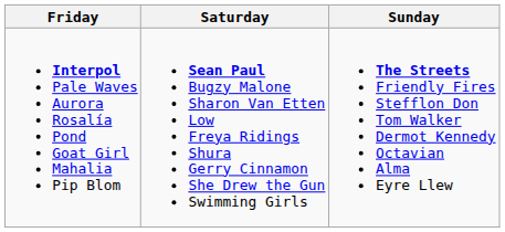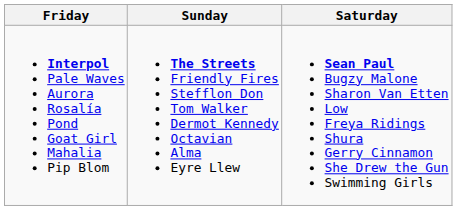 <table class="wikitable">
 <tr>
 <th>Friday</th>
+<th>Sunday</th>
 <th>Saturday</th>
-<th>Sunday</th>
 </tr>
 <tr valign="top">
 <td><br><ul><li><strong><a href='#'>Interpol</a></strong></li><li><a href='#'>Pale Waves</a></li><li><a href='#'>Aurora</a></li><li><a href='#'>Rosalía</a></li><li><a href='#'>Pond</a></li><li><a href='#'>Goat Girl</a></li><li><a href='#'>Mahalia</a></li><li>Pip Blom</li></ul></td>
+<td><br><ul><li><strong><a href='#'>The Streets</a></strong></li><li><a href='#'>Friendly Fires</a></li><li><a href='#'>Stefflon Don</a></li><li><a href='#'>Tom Walker</a></li><li><a href='#'>Dermot Kennedy</a></li><li><a href='#'>Octavian</a></li><li><a href='#'>Alma</a></li><li>Eyre Llew</li></ul></td>
 <td><br><ul><li><strong><a href='#'>Sean Paul</a></strong></li><li><a href='#'>Bugzy Malone</a></li><li><a href='#'>Sharon Van Etten</a></li><li><a href='#'>Low</a></li><li><a href='#'>Freya Ridings</a></li><li><a href='#'>Shura</a></li><li><a href='#'>Gerry Cinnamon</a></li><li><a href='#'>She Drew the Gun</a></li><li>Swimming Girls</li></ul></td>
-<td><br><ul><li><strong><a href='#'>The Streets</a></strong></li><li><a href='#'>Friendly Fires</a></li><li><a href='#'>Stefflon Don</a></li><li><a href='#'>Tom Walker</a></li><li><a href='#'>Dermot Kennedy</a></li><li><a href='#'>Octavian</a></li><li><a href='#'>Alma</a></li><li>Eyre Llew</li></ul></td>
 </tr>
 </table>
